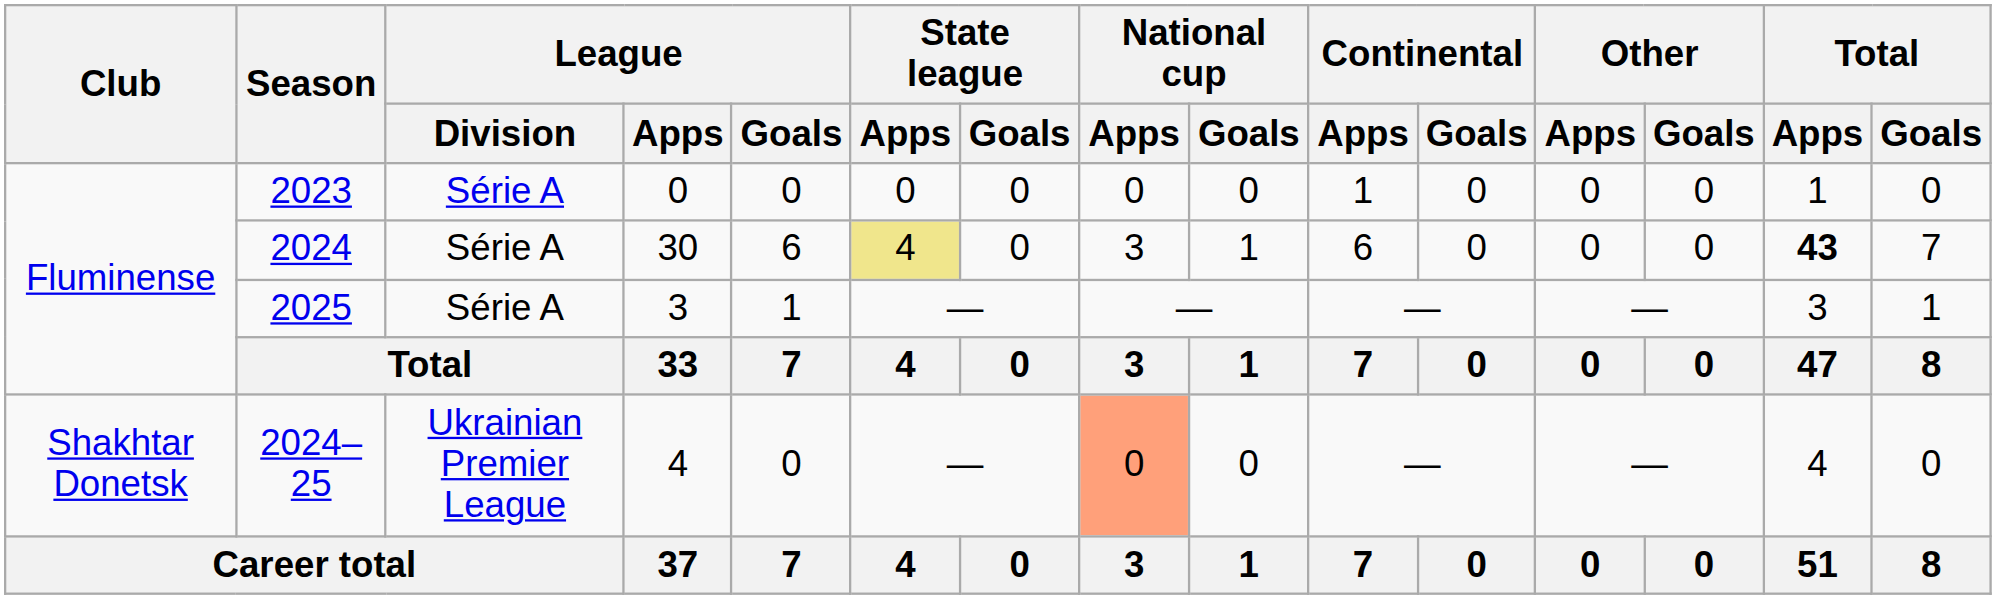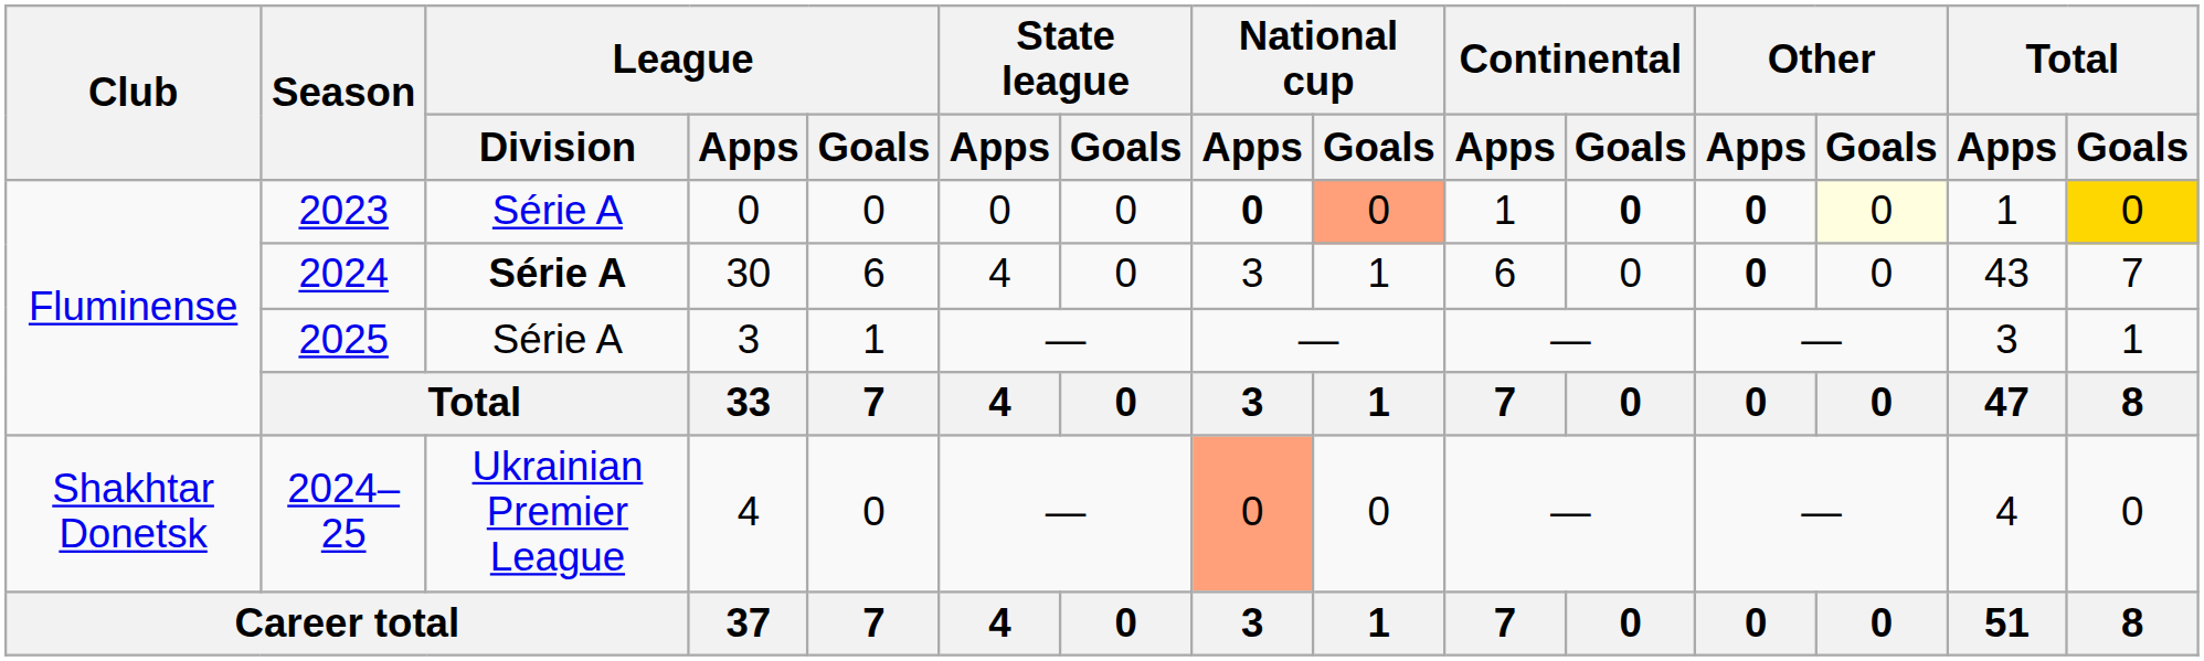 <table class="wikitable" style="text-align:center">
 <tr>
 <th rowspan="2">Club</th>
 <th rowspan="2">Season</th>
 <th colspan="3">League</th>
 <th colspan="2">State league</th>
 <th colspan="2">National cup</th>
 <th colspan="2">Continental</th>
 <th colspan="2">Other</th>
 <th colspan="2">Total</th>
 </tr>
 <tr>
 <th>Division</th>
 <th>Apps</th>
 <th>Goals</th>
 <th>Apps</th>
 <th>Goals</th>
 <th>Apps</th>
 <th>Goals</th>
 <th>Apps</th>
 <th>Goals</th>
 <th>Apps</th>
 <th>Goals</th>
 <th>Apps</th>
 <th>Goals</th>
 </tr>
 <tr>
 <td rowspan="4"><a href='#'>Fluminense</a></td>
 <td><a href='#'>2023</a></td>
 <td><a href='#'>Série A</a></td>
 <td>0</td>
 <td>0</td>
 <td>0</td>
 <td>0</td>
-<td>0</td>
-<td>0</td>
+<td><strong>0</strong></td>
+<td style="background: lightsalmon;">0</td>
 <td>1</td>
-<td>0</td>
-<td>0</td>
-<td>0</td>
+<td><strong>0</strong></td>
+<td><strong>0</strong></td>
+<td style="background: lightyellow;">0</td>
 <td>1</td>
-<td>0</td>
+<td style="background: gold;">0</td>
 </tr>
 <tr>
 <td><a href='#'>2024</a></td>
-<td>Série A</td>
+<td><strong>Série A</strong></td>
 <td>30</td>
 <td>6</td>
-<td style="background: khaki;">4</td>
+<td>4</td>
 <td>0</td>
 <td>3</td>
 <td>1</td>
 <td>6</td>
 <td>0</td>
+<td><strong>0</strong></td>
 <td>0</td>
-<td>0</td>
-<td><strong>43</strong></td>
+<td>43</td>
 <td>7</td>
 </tr>
 <tr>
 <td><a href='#'>2025</a></td>
 <td>Série A</td>
 <td>3</td>
 <td>1</td>
 <td colspan="2">—</td>
 <td colspan="2">—</td>
 <td colspan="2">—</td>
 <td colspan="2">—</td>
 <td>3</td>
 <td>1</td>
 </tr>
 <tr>
 <th colspan="2">Total</th>
 <th>33</th>
 <th>7</th>
 <th>4</th>
 <th>0</th>
 <th>3</th>
 <th>1</th>
 <th>7</th>
 <th>0</th>
 <th>0</th>
 <th>0</th>
 <th>47</th>
 <th>8</th>
 </tr>
 <tr>
 <td><a href='#'>Shakhtar Donetsk</a></td>
 <td><a href='#'>2024–25</a></td>
 <td><a href='#'>Ukrainian Premier League</a></td>
 <td>4</td>
 <td>0</td>
 <td colspan="2">—</td>
 <td style="background: lightsalmon;">0</td>
 <td>0</td>
 <td colspan="2">—</td>
 <td colspan="2">—</td>
 <td>4</td>
 <td>0</td>
 </tr>
 <tr>
 <th colspan="3">Career total</th>
 <th>37</th>
 <th>7</th>
 <th>4</th>
 <th>0</th>
 <th>3</th>
 <th>1</th>
 <th>7</th>
 <th>0</th>
 <th>0</th>
 <th>0</th>
 <th>51</th>
 <th>8</th>
 </tr>
 </table>
